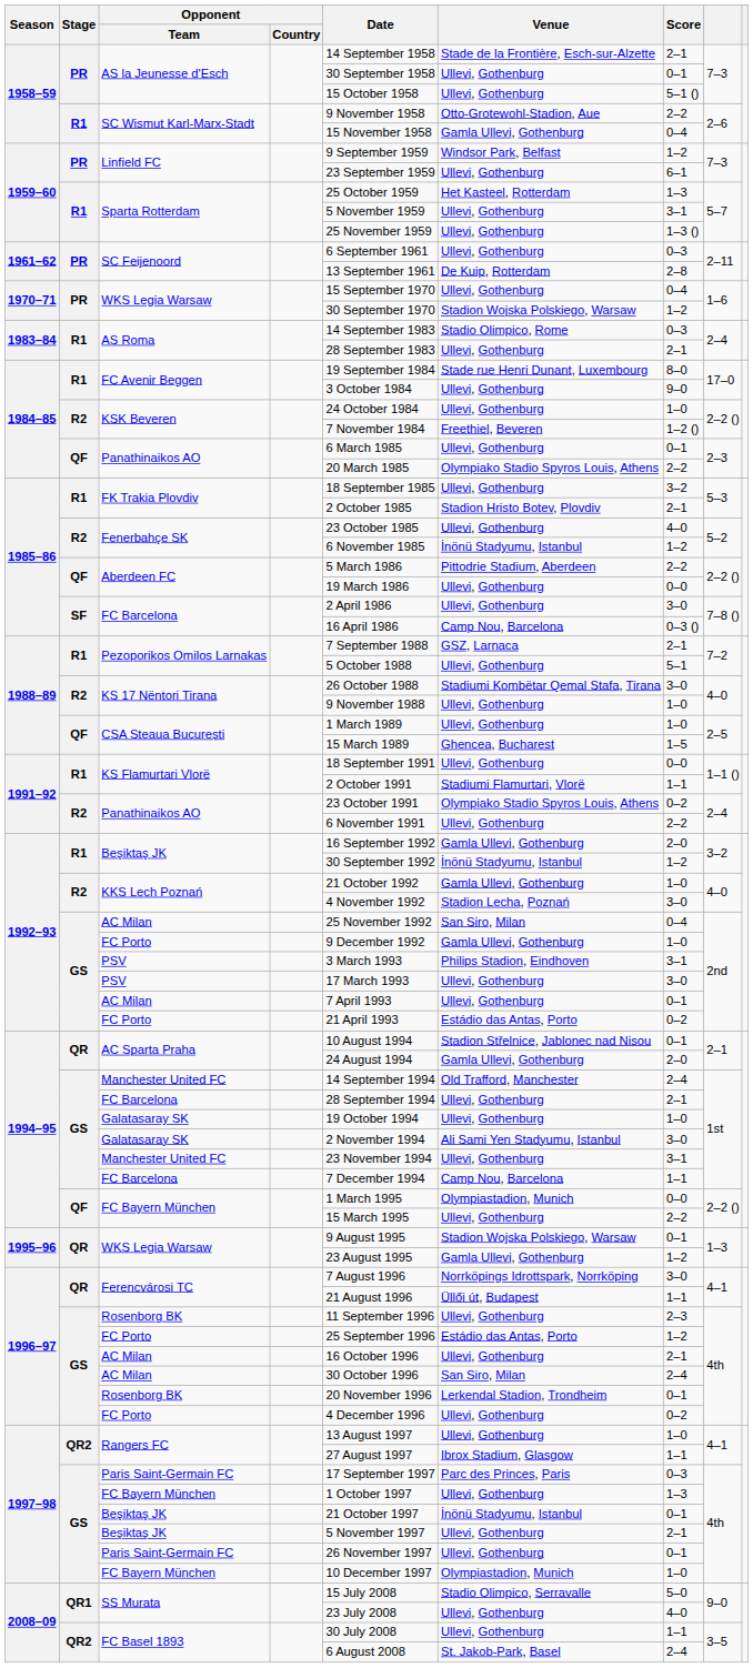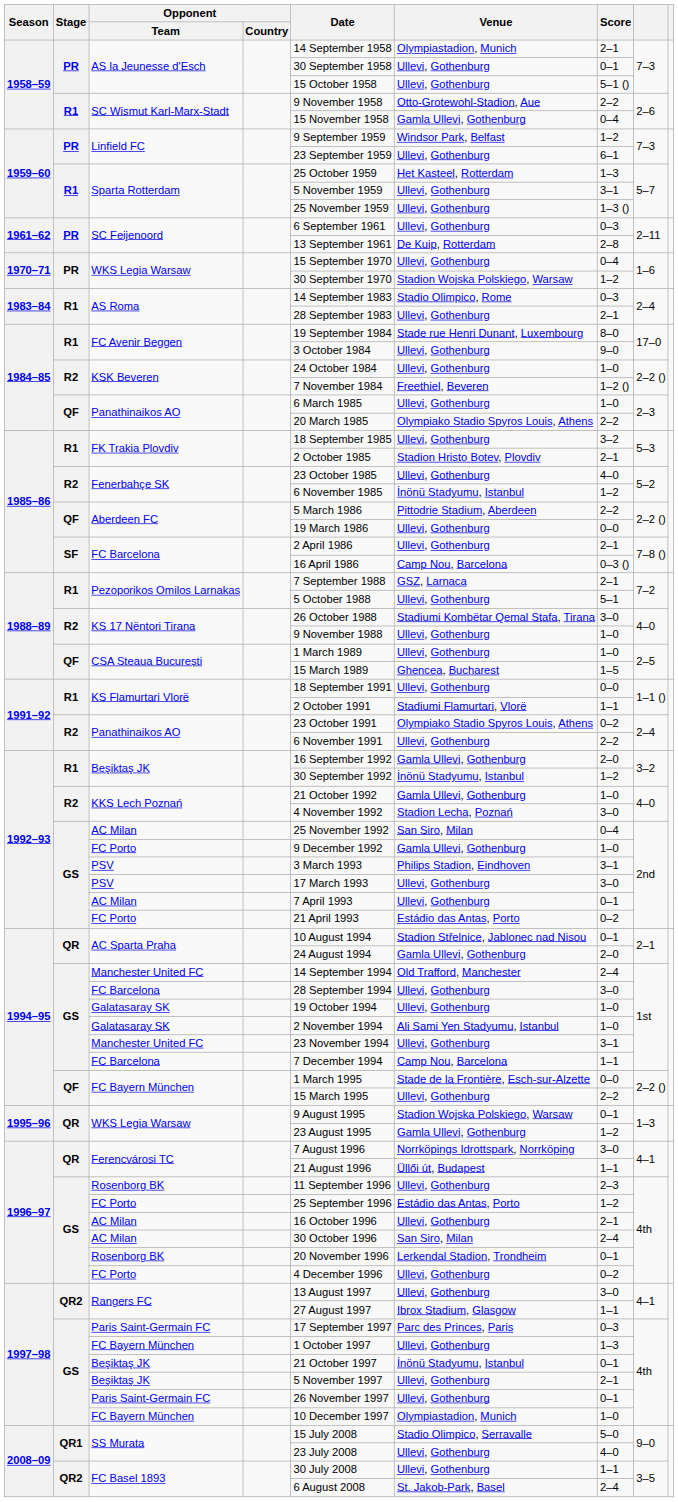 <table class="wikitable plainrowheaders">
 <tr>
 <th rowspan=2>Season</th>
 <th rowspan=2>Stage</th>
 <th scope="col" colspan=2>Opponent</th>
 <th scope="col" rowspan=2>Date</th>
 <th scope="col" rowspan=2>Venue</th>
 <th scope="col" rowspan=2>Score</th>
 <th scope="col" rowspan=2></th>
 <th scope="col" rowspan=2></th>
 </tr>
 <tr>
 <th scope="col">Team</th>
 <th scope="col">Country</th>
 </tr>
 <tr>
 <th scope=row rowspan="5"><a href='#'>1958–59</a></th>
 <th scope=row rowspan="3"><a href='#'>PR</a></th>
 <td rowspan="3"><a href='#'>AS la Jeunesse d'Esch</a></td>
 <td rowspan="3"></td>
 <td>14 September 1958</td>
-<td><a href='#'>Stade de la Frontière</a>, <a href='#'>Esch-sur-Alzette</a></td>
+<td><a href='#'>Olympiastadion</a>, <a href='#'>Munich</a></td>
 <td>2–1</td>
 <td rowspan="3">7–3</td>
 <td rowspan="5" align=center></td>
 </tr>
 <tr>
 <td>30 September 1958</td>
 <td><a href='#'>Ullevi</a>, <a href='#'>Gothenburg</a></td>
 <td>0–1</td>
 </tr>
 <tr>
 <td>15 October 1958</td>
 <td><a href='#'>Ullevi</a>, <a href='#'>Gothenburg</a></td>
 <td>5–1 ()</td>
 </tr>
 <tr>
 <th scope=row rowspan="2"><a href='#'>R1</a></th>
 <td rowspan="2"><a href='#'>SC Wismut Karl-Marx-Stadt</a></td>
 <td rowspan="2"></td>
 <td>9 November 1958</td>
 <td><a href='#'>Otto-Grotewohl-Stadion</a>, <a href='#'>Aue</a></td>
 <td>2–2</td>
 <td rowspan="2">2–6</td>
 </tr>
 <tr>
 <td>15 November 1958</td>
 <td><a href='#'>Gamla Ullevi</a>, <a href='#'>Gothenburg</a></td>
 <td>0–4</td>
 </tr>
 <tr>
 <th scope=row rowspan="5"><a href='#'>1959–60</a></th>
 <th scope=row rowspan="2"><a href='#'>PR</a></th>
 <td rowspan="2"><a href='#'>Linfield FC</a></td>
 <td rowspan="2"></td>
 <td>9 September 1959</td>
 <td><a href='#'>Windsor Park</a>, <a href='#'>Belfast</a></td>
 <td>1–2</td>
 <td rowspan="2">7–3</td>
 <td rowspan="5" align=center></td>
 </tr>
 <tr>
 <td>23 September 1959</td>
 <td><a href='#'>Ullevi</a>, <a href='#'>Gothenburg</a></td>
 <td>6–1</td>
 </tr>
 <tr>
 <th scope=row rowspan="3"><a href='#'>R1</a></th>
 <td rowspan="3"><a href='#'>Sparta Rotterdam</a></td>
 <td rowspan="3"></td>
 <td>25 October 1959</td>
 <td><a href='#'>Het Kasteel</a>, <a href='#'>Rotterdam</a></td>
 <td>1–3</td>
 <td rowspan="3">5–7</td>
 </tr>
 <tr>
 <td>5 November 1959</td>
 <td><a href='#'>Ullevi</a>, <a href='#'>Gothenburg</a></td>
 <td>3–1</td>
 </tr>
 <tr>
 <td>25 November 1959</td>
 <td><a href='#'>Ullevi</a>, <a href='#'>Gothenburg</a></td>
 <td>1–3 ()</td>
 </tr>
 <tr>
 <th scope=row rowspan="2"><a href='#'>1961–62</a></th>
 <th scope=row rowspan="2"><a href='#'>PR</a></th>
 <td rowspan="2"><a href='#'>SC Feijenoord</a></td>
 <td rowspan="2"></td>
 <td>6 September 1961</td>
 <td><a href='#'>Ullevi</a>, <a href='#'>Gothenburg</a></td>
 <td>0–3</td>
 <td rowspan="2">2–11</td>
 <td rowspan="2" align=center></td>
 </tr>
 <tr>
 <td>13 September 1961</td>
 <td><a href='#'>De Kuip</a>, <a href='#'>Rotterdam</a></td>
 <td>2–8</td>
 </tr>
 <tr>
 <th scope=row rowspan="2"><a href='#'>1970–71</a></th>
 <th scope=row rowspan="2">PR</th>
 <td rowspan="2"><a href='#'>WKS Legia Warsaw</a></td>
 <td rowspan="2"></td>
 <td>15 September 1970</td>
 <td><a href='#'>Ullevi</a>, <a href='#'>Gothenburg</a></td>
 <td>0–4</td>
 <td rowspan="2">1–6</td>
 <td rowspan="2" align=center></td>
 </tr>
 <tr>
 <td>30 September 1970</td>
 <td><a href='#'>Stadion Wojska Polskiego</a>, <a href='#'>Warsaw</a></td>
 <td>1–2</td>
 </tr>
 <tr>
 <th scope=row rowspan="2"><a href='#'>1983–84</a></th>
 <th scope=row rowspan="2">R1</th>
 <td rowspan="2"><a href='#'>AS Roma</a></td>
 <td rowspan="2"></td>
 <td>14 September 1983</td>
 <td><a href='#'>Stadio Olimpico</a>, <a href='#'>Rome</a></td>
 <td>0–3</td>
 <td rowspan="2">2–4</td>
 <td rowspan="2" align=center></td>
 </tr>
 <tr>
 <td>28 September 1983</td>
 <td><a href='#'>Ullevi</a>, <a href='#'>Gothenburg</a></td>
 <td>2–1</td>
 </tr>
 <tr>
 <th scope=row rowspan="6"><a href='#'>1984–85</a></th>
 <th scope=row rowspan="2">R1</th>
 <td rowspan="2"><a href='#'>FC Avenir Beggen</a></td>
 <td rowspan="2"></td>
 <td>19 September 1984</td>
 <td><a href='#'>Stade rue Henri Dunant</a>, <a href='#'>Luxembourg</a></td>
 <td>8–0</td>
 <td rowspan="2">17–0</td>
 <td rowspan="6" align=center></td>
 </tr>
 <tr>
 <td>3 October 1984</td>
 <td><a href='#'>Ullevi</a>, <a href='#'>Gothenburg</a></td>
 <td>9–0</td>
 </tr>
 <tr>
 <th scope=row rowspan="2">R2</th>
 <td rowspan="2"><a href='#'>KSK Beveren</a></td>
 <td rowspan="2"></td>
 <td>24 October 1984</td>
 <td><a href='#'>Ullevi</a>, <a href='#'>Gothenburg</a></td>
 <td>1–0</td>
 <td rowspan="2">2–2 ()</td>
 </tr>
 <tr>
 <td>7 November 1984</td>
 <td><a href='#'>Freethiel</a>, <a href='#'>Beveren</a></td>
 <td>1–2 ()</td>
 </tr>
 <tr>
 <th scope=row rowspan="2">QF</th>
 <td rowspan="2"><a href='#'>Panathinaikos  AO</a></td>
 <td rowspan="2"></td>
 <td>6 March 1985</td>
 <td><a href='#'>Ullevi</a>, <a href='#'>Gothenburg</a></td>
-<td>0–1</td>
+<td>1–0</td>
 <td rowspan="2">2–3</td>
 </tr>
 <tr>
 <td>20 March 1985</td>
 <td><a href='#'>Olympiako Stadio Spyros Louis</a>, <a href='#'>Athens</a></td>
 <td>2–2</td>
 </tr>
 <tr>
 <th scope=row rowspan="8"><a href='#'>1985–86</a></th>
 <th scope=row rowspan="2">R1</th>
 <td rowspan="2"><a href='#'>FK Trakia Plovdiv</a></td>
 <td rowspan="2"></td>
 <td>18 September 1985</td>
 <td><a href='#'>Ullevi</a>, <a href='#'>Gothenburg</a></td>
 <td>3–2</td>
 <td rowspan="2">5–3</td>
 <td rowspan="8" align=center></td>
 </tr>
 <tr>
 <td>2 October 1985</td>
 <td><a href='#'>Stadion Hristo Botev</a>, <a href='#'>Plovdiv</a></td>
 <td>2–1</td>
 </tr>
 <tr>
 <th scope=row rowspan="2">R2</th>
 <td rowspan="2"><a href='#'>Fenerbahçe SK</a></td>
 <td rowspan="2"></td>
 <td>23 October 1985</td>
 <td><a href='#'>Ullevi</a>, <a href='#'>Gothenburg</a></td>
 <td>4–0</td>
 <td rowspan="2">5–2</td>
 </tr>
 <tr>
 <td>6 November 1985</td>
 <td><a href='#'>İnönü Stadyumu</a>, <a href='#'>Istanbul</a></td>
 <td>1–2</td>
 </tr>
 <tr>
 <th scope=row rowspan="2">QF</th>
 <td rowspan="2"><a href='#'>Aberdeen FC</a></td>
 <td rowspan="2"></td>
 <td>5 March 1986</td>
 <td><a href='#'>Pittodrie Stadium</a>, <a href='#'>Aberdeen</a></td>
 <td>2–2</td>
 <td rowspan="2">2–2 ()</td>
 </tr>
 <tr>
 <td>19 March 1986</td>
 <td><a href='#'>Ullevi</a>, <a href='#'>Gothenburg</a></td>
 <td>0–0</td>
 </tr>
 <tr>
 <th scope=row rowspan="2">SF</th>
 <td rowspan="2"><a href='#'>FC Barcelona</a></td>
 <td rowspan="2"></td>
 <td>2 April 1986</td>
 <td><a href='#'>Ullevi</a>, <a href='#'>Gothenburg</a></td>
-<td>3–0</td>
+<td>2–1</td>
 <td rowspan="2">7–8 ()</td>
 </tr>
 <tr>
 <td>16 April 1986</td>
 <td><a href='#'>Camp Nou</a>, <a href='#'>Barcelona</a></td>
 <td>0–3 ()</td>
 </tr>
 <tr>
 <th scope=row rowspan="6"><a href='#'>1988–89</a></th>
 <th scope=row rowspan="2">R1</th>
 <td rowspan="2"><a href='#'>Pezoporikos Omilos Larnakas</a></td>
 <td rowspan="2"></td>
 <td>7 September 1988</td>
 <td><a href='#'>GSZ</a>, <a href='#'>Larnaca</a></td>
 <td>2–1</td>
 <td rowspan="2">7–2</td>
 <td rowspan="6" align=center></td>
 </tr>
 <tr>
 <td>5 October 1988</td>
 <td><a href='#'>Ullevi</a>, <a href='#'>Gothenburg</a></td>
 <td>5–1</td>
 </tr>
 <tr>
 <th scope=row rowspan="2">R2</th>
 <td rowspan="2"><a href='#'>KS 17 Nëntori Tirana</a></td>
 <td rowspan="2"></td>
 <td>26 October 1988</td>
 <td><a href='#'>Stadiumi Kombëtar Qemal Stafa</a>, <a href='#'>Tirana</a></td>
 <td>3–0</td>
 <td rowspan="2">4–0</td>
 </tr>
 <tr>
 <td>9 November 1988</td>
 <td><a href='#'>Ullevi</a>, <a href='#'>Gothenburg</a></td>
 <td>1–0</td>
 </tr>
 <tr>
 <th scope=row rowspan="2">QF</th>
 <td rowspan="2"><a href='#'>CSA Steaua București</a></td>
 <td rowspan="2"></td>
 <td>1 March 1989</td>
 <td><a href='#'>Ullevi</a>, <a href='#'>Gothenburg</a></td>
 <td>1–0</td>
 <td rowspan="2">2–5</td>
 </tr>
 <tr>
 <td>15 March 1989</td>
 <td><a href='#'>Ghencea</a>, <a href='#'>Bucharest</a></td>
 <td>1–5</td>
 </tr>
 <tr>
 <th scope=row rowspan="4"><a href='#'>1991–92</a></th>
 <th scope=row rowspan="2">R1</th>
 <td rowspan="2"><a href='#'>KS Flamurtari Vlorë</a></td>
 <td rowspan="2"></td>
 <td>18 September 1991</td>
 <td><a href='#'>Ullevi</a>, <a href='#'>Gothenburg</a></td>
 <td>0–0</td>
 <td rowspan="2">1–1 ()</td>
 <td rowspan="4" align=center></td>
 </tr>
 <tr>
 <td>2 October 1991</td>
 <td><a href='#'>Stadiumi Flamurtari</a>, <a href='#'>Vlorë</a></td>
 <td>1–1</td>
 </tr>
 <tr>
 <th scope=row rowspan="2">R2</th>
 <td rowspan="2"><a href='#'>Panathinaikos  AO</a></td>
 <td rowspan="2"></td>
 <td>23 October 1991</td>
 <td><a href='#'>Olympiako Stadio Spyros Louis</a>, <a href='#'>Athens</a></td>
 <td>0–2</td>
 <td rowspan="2">2–4</td>
 </tr>
 <tr>
 <td>6 November 1991</td>
 <td><a href='#'>Ullevi</a>, <a href='#'>Gothenburg</a></td>
 <td>2–2</td>
 </tr>
 <tr>
 <th scope=row rowspan="10"><a href='#'>1992–93</a></th>
 <th scope=row rowspan="2">R1</th>
 <td rowspan="2"><a href='#'>Beşiktaş JK</a></td>
 <td rowspan="2"></td>
 <td>16 September 1992</td>
 <td><a href='#'>Gamla Ullevi</a>, <a href='#'>Gothenburg</a></td>
 <td>2–0</td>
 <td rowspan="2">3–2</td>
 <td rowspan="10" align=center></td>
 </tr>
 <tr>
 <td>30 September 1992</td>
 <td><a href='#'>İnönü Stadyumu</a>, <a href='#'>Istanbul</a></td>
 <td>1–2</td>
 </tr>
 <tr>
 <th scope=row rowspan="2">R2</th>
 <td rowspan="2"><a href='#'>KKS Lech Poznań</a></td>
 <td rowspan="2"></td>
 <td>21 October 1992</td>
 <td><a href='#'>Gamla Ullevi</a>, <a href='#'>Gothenburg</a></td>
 <td>1–0</td>
 <td rowspan="2">4–0</td>
 </tr>
 <tr>
 <td>4 November 1992</td>
 <td><a href='#'>Stadion Lecha</a>, <a href='#'>Poznań</a></td>
 <td>3–0</td>
 </tr>
 <tr>
 <th scope=row rowspan="6">GS</th>
 <td><a href='#'>AC Milan</a></td>
 <td></td>
 <td>25 November 1992</td>
 <td><a href='#'>San Siro</a>, <a href='#'>Milan</a></td>
 <td>0–4</td>
 <td rowspan="6">2nd</td>
 </tr>
 <tr>
 <td><a href='#'>FC Porto</a></td>
 <td></td>
 <td>9 December 1992</td>
 <td><a href='#'>Gamla Ullevi</a>, <a href='#'>Gothenburg</a></td>
 <td>1–0</td>
 </tr>
 <tr>
 <td><a href='#'>PSV</a></td>
 <td></td>
 <td>3 March 1993</td>
 <td><a href='#'>Philips Stadion</a>, <a href='#'>Eindhoven</a></td>
 <td>3–1</td>
 </tr>
 <tr>
 <td><a href='#'>PSV</a></td>
 <td></td>
 <td>17 March 1993</td>
 <td><a href='#'>Ullevi</a>, <a href='#'>Gothenburg</a></td>
 <td>3–0</td>
 </tr>
 <tr>
 <td><a href='#'>AC Milan</a></td>
 <td></td>
 <td>7 April 1993</td>
 <td><a href='#'>Ullevi</a>, <a href='#'>Gothenburg</a></td>
 <td>0–1</td>
 </tr>
 <tr>
 <td><a href='#'>FC Porto</a></td>
 <td></td>
 <td>21 April 1993</td>
 <td><a href='#'>Estádio das Antas</a>, <a href='#'>Porto</a></td>
 <td>0–2</td>
 </tr>
 <tr>
 <th scope=row rowspan="10"><a href='#'>1994–95</a></th>
 <th scope=row rowspan="2">QR</th>
 <td rowspan="2"><a href='#'>AC Sparta Praha</a></td>
 <td rowspan="2"></td>
 <td>10 August 1994</td>
 <td><a href='#'>Stadion Střelnice</a>, <a href='#'>Jablonec nad Nisou</a></td>
 <td>0–1</td>
 <td rowspan="2">2–1</td>
 <td rowspan="10" align=center></td>
 </tr>
 <tr>
 <td>24 August 1994</td>
 <td><a href='#'>Gamla Ullevi</a>, <a href='#'>Gothenburg</a></td>
 <td>2–0</td>
 </tr>
 <tr>
 <th scope=row rowspan="6">GS</th>
 <td><a href='#'>Manchester United FC</a></td>
 <td></td>
 <td>14 September 1994</td>
 <td><a href='#'>Old Trafford</a>, <a href='#'>Manchester</a></td>
 <td>2–4</td>
 <td rowspan="6">1st</td>
 </tr>
 <tr>
 <td><a href='#'>FC Barcelona</a></td>
 <td></td>
 <td>28 September 1994</td>
 <td><a href='#'>Ullevi</a>, <a href='#'>Gothenburg</a></td>
-<td>2–1</td>
+<td>3–0</td>
 </tr>
 <tr>
 <td><a href='#'>Galatasaray SK</a></td>
 <td></td>
 <td>19 October 1994</td>
 <td><a href='#'>Ullevi</a>, <a href='#'>Gothenburg</a></td>
 <td>1–0</td>
 </tr>
 <tr>
 <td><a href='#'>Galatasaray SK</a></td>
 <td></td>
 <td>2 November 1994</td>
 <td><a href='#'>Ali Sami Yen Stadyumu</a>, <a href='#'>Istanbul</a></td>
-<td>3–0</td>
+<td>1–0</td>
 </tr>
 <tr>
 <td><a href='#'>Manchester United FC</a></td>
 <td></td>
 <td>23 November 1994</td>
 <td><a href='#'>Ullevi</a>, <a href='#'>Gothenburg</a></td>
 <td>3–1</td>
 </tr>
 <tr>
 <td><a href='#'>FC Barcelona</a></td>
 <td></td>
 <td>7 December 1994</td>
 <td><a href='#'>Camp Nou</a>, <a href='#'>Barcelona</a></td>
 <td>1–1</td>
 </tr>
 <tr>
 <th scope=row rowspan="2">QF</th>
 <td rowspan="2"><a href='#'>FC Bayern München</a></td>
 <td rowspan="2"></td>
 <td>1 March 1995</td>
-<td><a href='#'>Olympiastadion</a>, <a href='#'>Munich</a></td>
+<td><a href='#'>Stade de la Frontière</a>, <a href='#'>Esch-sur-Alzette</a></td>
 <td>0–0</td>
 <td rowspan="2">2–2 ()</td>
 </tr>
 <tr>
 <td>15 March 1995</td>
 <td><a href='#'>Ullevi</a>, <a href='#'>Gothenburg</a></td>
 <td>2–2</td>
 </tr>
 <tr>
 <th scope=row rowspan="2"><a href='#'>1995–96</a></th>
 <th scope=row rowspan="2">QR</th>
 <td rowspan="2"><a href='#'>WKS Legia Warsaw</a></td>
 <td rowspan="2"></td>
 <td>9 August 1995</td>
 <td><a href='#'>Stadion Wojska Polskiego</a>, <a href='#'>Warsaw</a></td>
 <td>0–1</td>
 <td rowspan="2">1–3</td>
 <td rowspan="2" align=center></td>
 </tr>
 <tr>
 <td>23 August 1995</td>
 <td><a href='#'>Gamla Ullevi</a>, <a href='#'>Gothenburg</a></td>
 <td>1–2</td>
 </tr>
 <tr>
 <th scope=row rowspan="8"><a href='#'>1996–97</a></th>
 <th scope=row rowspan="2">QR</th>
 <td rowspan="2"><a href='#'>Ferencvárosi TC</a></td>
 <td rowspan="2"></td>
 <td>7 August 1996</td>
 <td><a href='#'>Norrköpings Idrottspark</a>, <a href='#'>Norrköping</a></td>
 <td>3–0</td>
 <td rowspan="2">4–1</td>
 <td rowspan="8" align=center></td>
 </tr>
 <tr>
 <td>21 August 1996</td>
 <td><a href='#'>Üllői út</a>, <a href='#'>Budapest</a></td>
 <td>1–1</td>
 </tr>
 <tr>
 <th scope=row rowspan="6">GS</th>
 <td><a href='#'>Rosenborg BK</a></td>
 <td></td>
 <td>11 September 1996</td>
 <td><a href='#'>Ullevi</a>, <a href='#'>Gothenburg</a></td>
 <td>2–3</td>
 <td rowspan="6">4th</td>
 </tr>
 <tr>
 <td><a href='#'>FC Porto</a></td>
 <td></td>
 <td>25 September 1996</td>
 <td><a href='#'>Estádio das Antas</a>, <a href='#'>Porto</a></td>
 <td>1–2</td>
 </tr>
 <tr>
 <td><a href='#'>AC Milan</a></td>
 <td></td>
 <td>16 October 1996</td>
 <td><a href='#'>Ullevi</a>, <a href='#'>Gothenburg</a></td>
 <td>2–1</td>
 </tr>
 <tr>
 <td><a href='#'>AC Milan</a></td>
 <td></td>
 <td>30 October 1996</td>
 <td><a href='#'>San Siro</a>, <a href='#'>Milan</a></td>
 <td>2–4</td>
 </tr>
 <tr>
 <td><a href='#'>Rosenborg BK</a></td>
 <td></td>
 <td>20 November 1996</td>
 <td><a href='#'>Lerkendal Stadion</a>, <a href='#'>Trondheim</a></td>
 <td>0–1</td>
 </tr>
 <tr>
 <td><a href='#'>FC Porto</a></td>
 <td></td>
 <td>4 December 1996</td>
 <td><a href='#'>Ullevi</a>, <a href='#'>Gothenburg</a></td>
 <td>0–2</td>
 </tr>
 <tr>
 <th scope=row rowspan="8"><a href='#'>1997–98</a></th>
 <th scope=row rowspan="2">QR2</th>
 <td rowspan="2"><a href='#'>Rangers FC</a></td>
 <td rowspan="2"></td>
 <td>13 August 1997</td>
 <td><a href='#'>Ullevi</a>, <a href='#'>Gothenburg</a></td>
-<td>1–0</td>
+<td>3–0</td>
 <td rowspan="2">4–1</td>
 <td rowspan="8" align=center></td>
 </tr>
 <tr>
 <td>27 August 1997</td>
 <td><a href='#'>Ibrox Stadium</a>, <a href='#'>Glasgow</a></td>
 <td>1–1</td>
 </tr>
 <tr>
 <th scope=row rowspan="6">GS</th>
 <td><a href='#'>Paris Saint-Germain FC</a></td>
 <td></td>
 <td>17 September 1997</td>
 <td><a href='#'>Parc des Princes</a>, <a href='#'>Paris</a></td>
 <td>0–3</td>
 <td rowspan="6">4th</td>
 </tr>
 <tr>
 <td><a href='#'>FC Bayern München</a></td>
 <td></td>
 <td>1 October 1997</td>
 <td><a href='#'>Ullevi</a>, <a href='#'>Gothenburg</a></td>
 <td>1–3</td>
 </tr>
 <tr>
 <td><a href='#'>Beşiktaş JK</a></td>
 <td></td>
 <td>21 October 1997</td>
 <td><a href='#'>İnönü Stadyumu</a>, <a href='#'>Istanbul</a></td>
 <td>0–1</td>
 </tr>
 <tr>
 <td><a href='#'>Beşiktaş JK</a></td>
 <td></td>
 <td>5 November 1997</td>
 <td><a href='#'>Ullevi</a>, <a href='#'>Gothenburg</a></td>
 <td>2–1</td>
 </tr>
 <tr>
 <td><a href='#'>Paris Saint-Germain FC</a></td>
 <td></td>
 <td>26 November 1997</td>
 <td><a href='#'>Ullevi</a>, <a href='#'>Gothenburg</a></td>
 <td>0–1</td>
 </tr>
 <tr>
 <td><a href='#'>FC Bayern München</a></td>
 <td></td>
 <td>10 December 1997</td>
 <td><a href='#'>Olympiastadion</a>, <a href='#'>Munich</a></td>
 <td>1–0</td>
 </tr>
 <tr>
 <th scope=row rowspan="4"><a href='#'>2008–09</a></th>
 <th scope=row rowspan="2">QR1</th>
 <td rowspan="2"><a href='#'>SS Murata</a></td>
 <td rowspan="2"></td>
 <td>15 July 2008</td>
 <td><a href='#'>Stadio Olimpico</a>, <a href='#'>Serravalle</a></td>
 <td>5–0</td>
 <td rowspan="2">9–0</td>
 <td rowspan="4" align=center></td>
 </tr>
 <tr>
 <td>23 July 2008</td>
 <td><a href='#'>Ullevi</a>, <a href='#'>Gothenburg</a></td>
 <td>4–0</td>
 </tr>
 <tr>
 <th scope=row rowspan="2">QR2</th>
 <td rowspan="2"><a href='#'>FC Basel 1893</a></td>
 <td rowspan="2"></td>
 <td>30 July 2008</td>
 <td><a href='#'>Ullevi</a>, <a href='#'>Gothenburg</a></td>
 <td>1–1</td>
 <td rowspan="2">3–5</td>
 </tr>
 <tr>
 <td>6 August 2008</td>
 <td><a href='#'>St. Jakob-Park</a>, <a href='#'>Basel</a></td>
 <td>2–4</td>
 </tr>
 </table>
